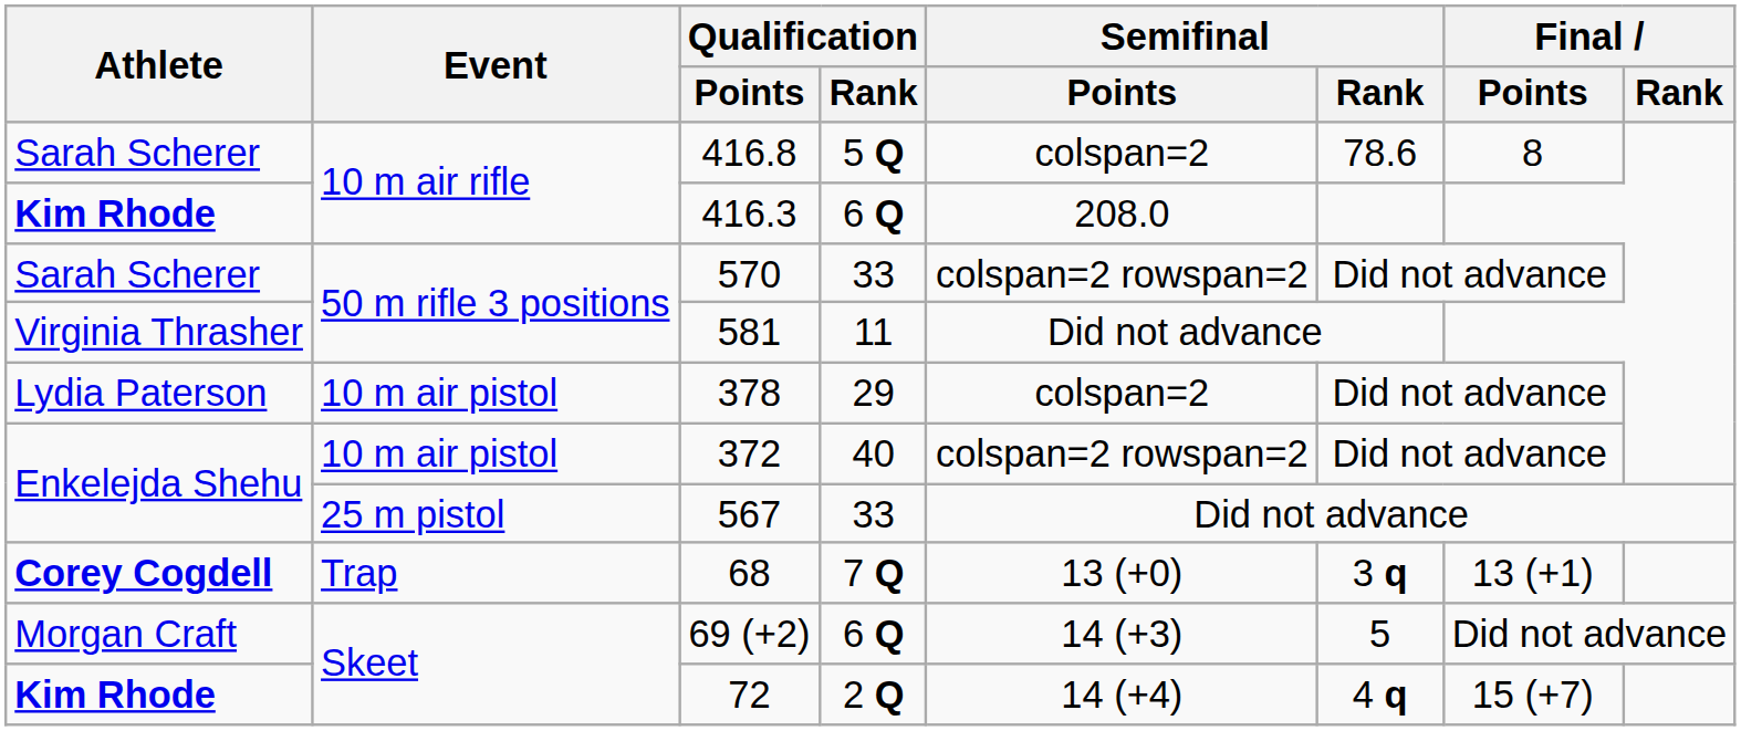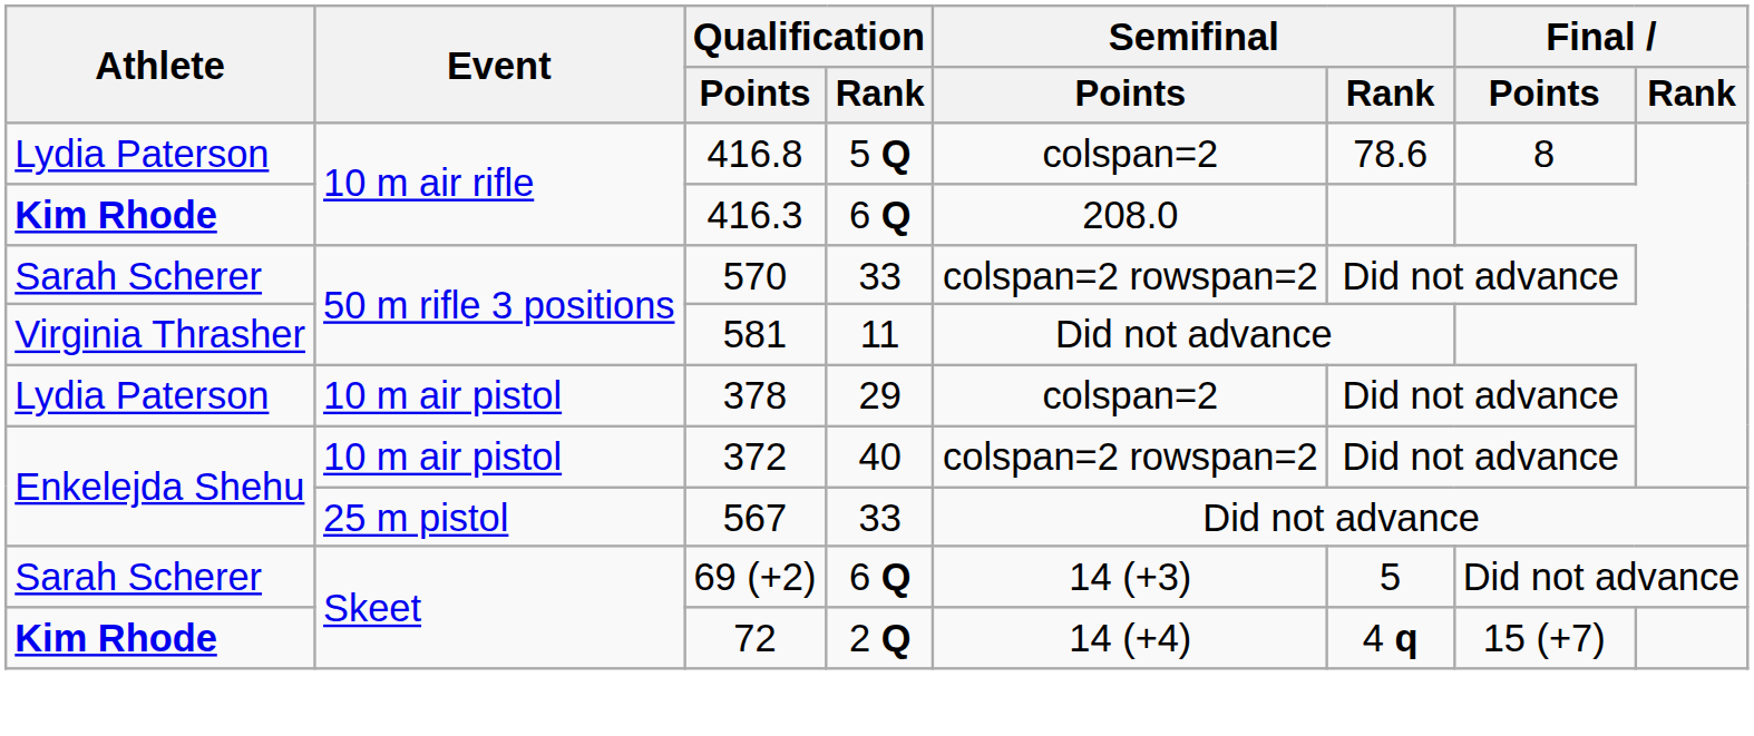 <table class=wikitable style=font-size:90%;text-align:center>
 <tr>
 <th rowspan=2>Athlete</th>
 <th rowspan=2>Event</th>
 <th colspan=2>Qualification</th>
 <th colspan=2>Semifinal</th>
 <th colspan=2>Final / </th>
 </tr>
 <tr style=font-size:95%>
 <th>Points</th>
 <th>Rank</th>
 <th>Points</th>
 <th>Rank</th>
 <th>Points</th>
 <th>Rank</th>
 </tr>
 <tr>
-<td align=left><a href='#'>Sarah Scherer</a></td>
+<td align=left><a href='#'>Lydia Paterson</a></td>
 <td align=left rowspan=2><a href='#'>10 m air rifle</a></td>
 <td>416.8</td>
 <td>5 <strong>Q</strong></td>
 <td>colspan=2 </td>
 <td>78.6</td>
 <td>8</td>
 </tr>
 <tr>
 <td align=left><strong><a href='#'>Kim Rhode</a></strong></td>
 <td>416.3</td>
 <td>6 <strong>Q</strong></td>
 <td>208.0 </td>
 <td></td>
 </tr>
 <tr>
 <td align=left><a href='#'>Sarah Scherer</a></td>
 <td align=left rowspan=2><a href='#'>50 m rifle 3 positions</a></td>
 <td>570</td>
 <td>33</td>
 <td>colspan=2 rowspan=2 </td>
 <td colspan=2>Did not advance</td>
 </tr>
 <tr>
 <td align=left><a href='#'>Virginia Thrasher</a></td>
 <td>581</td>
 <td>11</td>
 <td colspan=2>Did not advance</td>
 </tr>
 <tr>
 <td align=left><a href='#'>Lydia Paterson</a></td>
 <td align=left><a href='#'>10 m air pistol</a></td>
 <td>378</td>
 <td>29</td>
 <td>colspan=2 </td>
 <td colspan=2>Did not advance</td>
 </tr>
 <tr>
 <td align=left rowspan=2><a href='#'>Enkelejda Shehu</a></td>
 <td align=left><a href='#'>10 m air pistol</a></td>
 <td>372</td>
 <td>40</td>
 <td>colspan=2 rowspan=2 </td>
 <td colspan=2>Did not advance</td>
 </tr>
 <tr>
 <td align=left><a href='#'>25 m pistol</a></td>
 <td>567</td>
 <td>33</td>
 <td colspan=4>Did not advance</td>
 </tr>
 <tr>
-<td align=left><strong><a href='#'>Corey Cogdell</a></strong></td>
-<td align=left><a href='#'>Trap</a></td>
-<td>68</td>
-<td>7 <strong>Q</strong></td>
-<td>13 (+0)</td>
-<td>3 <strong>q</strong></td>
-<td>13 (+1)</td>
-<td></td>
-</tr>
-<tr>
-<td align=left><a href='#'>Morgan Craft</a></td>
+<td align=left><a href='#'>Sarah Scherer</a></td>
 <td align=left rowspan=2><a href='#'>Skeet</a></td>
 <td>69 (+2)</td>
 <td>6 <strong>Q</strong></td>
 <td>14 (+3)</td>
 <td>5</td>
 <td colspan=2>Did not advance</td>
 </tr>
 <tr>
 <td align=left><strong><a href='#'>Kim Rhode</a></strong></td>
 <td>72</td>
 <td>2 <strong>Q</strong></td>
 <td>14 (+4)</td>
 <td>4 <strong>q</strong></td>
 <td>15 (+7)</td>
 <td></td>
 </tr>
 </table>
